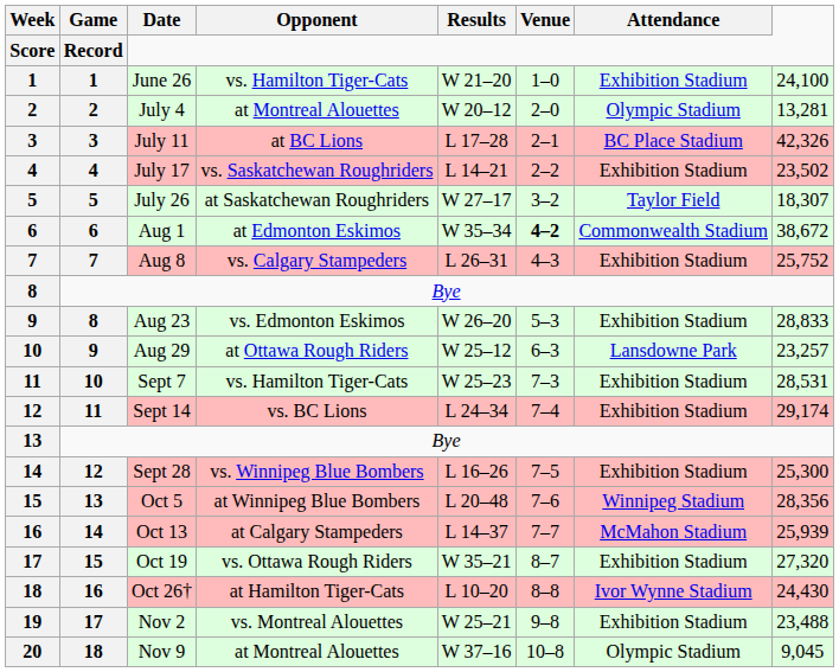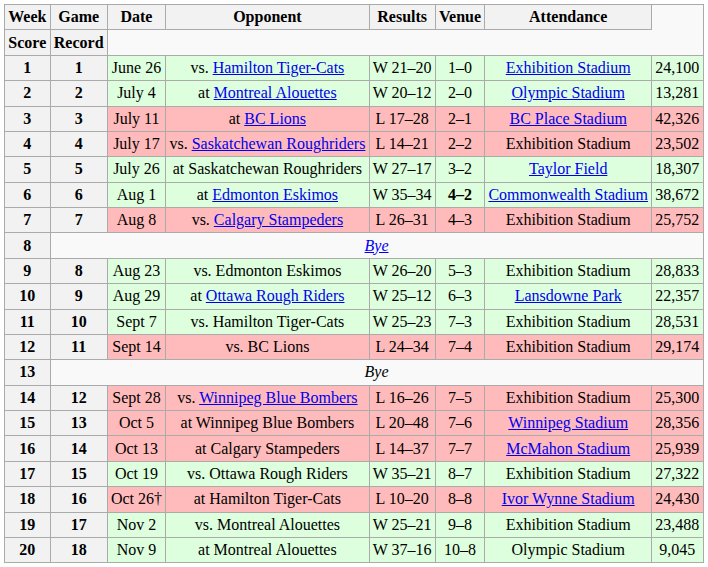 <table class="wikitable" style="text-align:center">
 <tr>
 <th>Week</th>
 <th>Game</th>
 <th>Date</th>
 <th>Opponent</th>
 <th>Results</th>
 <th>Venue</th>
 <th>Attendance</th>
 </tr>
 <tr>
 <th>Score</th>
 <th>Record</th>
 </tr>
 <tr style="background:#ddffdd">
 <th>1</th>
 <th>1</th>
 <td>June 26</td>
 <td>vs. <a href='#'>Hamilton Tiger-Cats</a></td>
 <td>W 21–20</td>
 <td>1–0</td>
 <td><a href='#'>Exhibition Stadium</a></td>
 <td>24,100</td>
 </tr>
 <tr style="background:#ddffdd">
 <th>2</th>
 <th>2</th>
 <td>July 4</td>
 <td>at <a href='#'>Montreal Alouettes</a></td>
 <td>W 20–12</td>
 <td>2–0</td>
 <td><a href='#'>Olympic Stadium</a></td>
 <td>13,281</td>
 </tr>
 <tr style="background:#ffbbbb">
 <th>3</th>
 <th>3</th>
 <td>July 11</td>
 <td>at <a href='#'>BC Lions</a></td>
 <td>L 17–28</td>
 <td>2–1</td>
 <td><a href='#'>BC Place Stadium</a></td>
 <td>42,326</td>
 </tr>
 <tr style="background:#ffbbbb">
 <th>4</th>
 <th>4</th>
 <td>July 17</td>
 <td>vs. <a href='#'>Saskatchewan Roughriders</a></td>
 <td>L 14–21</td>
 <td>2–2</td>
 <td>Exhibition Stadium</td>
 <td>23,502</td>
 </tr>
 <tr style="background:#ddffdd">
 <th>5</th>
 <th>5</th>
 <td>July 26</td>
 <td>at Saskatchewan Roughriders</td>
 <td>W 27–17</td>
 <td>3–2</td>
 <td><a href='#'>Taylor Field</a></td>
 <td>18,307</td>
 </tr>
 <tr style="background:#ddffdd">
 <th>6</th>
 <th>6</th>
 <td>Aug 1</td>
 <td>at <a href='#'>Edmonton Eskimos</a></td>
 <td>W 35–34</td>
 <td><strong>4–2</strong></td>
 <td><a href='#'>Commonwealth Stadium</a></td>
 <td>38,672</td>
 </tr>
 <tr style="background:#ffbbbb">
 <th>7</th>
 <th>7</th>
 <td>Aug 8</td>
 <td>vs. <a href='#'>Calgary Stampeders</a></td>
 <td>L 26–31</td>
 <td>4–3</td>
 <td>Exhibition Stadium</td>
 <td>25,752</td>
 </tr>
 <tr>
 <th>8</th>
 <td colspan=7><em><a href='#'>Bye</a></em></td>
 </tr>
 <tr style="background:#ddffdd">
 <th>9</th>
 <th>8</th>
 <td>Aug 23</td>
 <td>vs. Edmonton Eskimos</td>
 <td>W 26–20</td>
 <td>5–3</td>
 <td>Exhibition Stadium</td>
 <td>28,833</td>
 </tr>
 <tr style="background:#ddffdd">
 <th>10</th>
 <th>9</th>
 <td>Aug 29</td>
 <td>at <a href='#'>Ottawa Rough Riders</a></td>
 <td>W 25–12</td>
 <td>6–3</td>
 <td><a href='#'>Lansdowne Park</a></td>
-<td>23,257</td>
+<td>22,357</td>
 </tr>
 <tr style="background:#ddffdd">
 <th>11</th>
 <th>10</th>
 <td>Sept 7</td>
 <td>vs. Hamilton Tiger-Cats</td>
 <td>W 25–23</td>
 <td>7–3</td>
 <td>Exhibition Stadium</td>
 <td>28,531</td>
 </tr>
 <tr style="background:#ffbbbb">
 <th>12</th>
 <th>11</th>
 <td>Sept 14</td>
 <td>vs. BC Lions</td>
 <td>L 24–34</td>
 <td>7–4</td>
 <td>Exhibition Stadium</td>
 <td>29,174</td>
 </tr>
 <tr>
 <th>13</th>
 <td colspan=7><em>Bye</em></td>
 </tr>
 <tr style="background:#ffbbbb">
 <th>14</th>
 <th>12</th>
 <td>Sept 28</td>
 <td>vs. <a href='#'>Winnipeg Blue Bombers</a></td>
 <td>L 16–26</td>
 <td>7–5</td>
 <td>Exhibition Stadium</td>
 <td>25,300</td>
 </tr>
 <tr style="background:#ffbbbb">
 <th>15</th>
 <th>13</th>
 <td>Oct 5</td>
 <td>at Winnipeg Blue Bombers</td>
 <td>L 20–48</td>
 <td>7–6</td>
 <td><a href='#'>Winnipeg Stadium</a></td>
 <td>28,356</td>
 </tr>
 <tr style="background:#ffbbbb">
 <th>16</th>
 <th>14</th>
 <td>Oct 13</td>
 <td>at Calgary Stampeders</td>
 <td>L 14–37</td>
 <td>7–7</td>
 <td><a href='#'>McMahon Stadium</a></td>
 <td>25,939</td>
 </tr>
 <tr style="background:#ddffdd">
 <th>17</th>
 <th>15</th>
 <td>Oct 19</td>
 <td>vs. Ottawa Rough Riders</td>
 <td>W 35–21</td>
 <td>8–7</td>
 <td>Exhibition Stadium</td>
-<td>27,320</td>
+<td>27,322</td>
 </tr>
 <tr style="background:#ffbbbb">
 <th>18</th>
 <th>16</th>
 <td>Oct 26†</td>
 <td>at Hamilton Tiger-Cats</td>
 <td>L 10–20</td>
 <td>8–8</td>
 <td><a href='#'>Ivor Wynne Stadium</a></td>
 <td>24,430</td>
 </tr>
 <tr style="background:#ddffdd">
 <th>19</th>
 <th>17</th>
 <td>Nov 2</td>
 <td>vs. Montreal Alouettes</td>
 <td>W 25–21</td>
 <td>9–8</td>
 <td>Exhibition Stadium</td>
 <td>23,488</td>
 </tr>
 <tr style="background:#ddffdd">
 <th>20</th>
 <th>18</th>
 <td>Nov 9</td>
 <td>at Montreal Alouettes</td>
 <td>W 37–16</td>
 <td>10–8</td>
 <td>Olympic Stadium</td>
 <td>9,045</td>
 </tr>
 </table>
